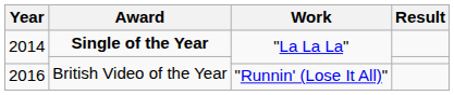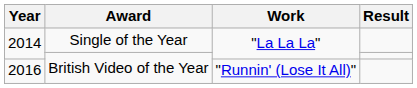 <table class="wikitable plainrowheaders" style="text-align:center;">
 <tr>
 <th>Year</th>
 <th>Award</th>
 <th>Work</th>
 <th>Result</th>
 </tr>
 <tr>
 <td rowspan=2>2014</td>
-<td><strong>Single of the Year</strong></td>
+<td>Single of the Year</td>
 <td rowspan=2>"<a href='#'>La La La</a>"</td>
 <td></td>
 </tr>
 <tr>
 <td rowspan=2>British Video of the Year</td>
 <td></td>
 </tr>
 <tr>
 <td>2016</td>
 <td>"<a href='#'>Runnin' (Lose It All)</a>"</td>
 <td></td>
 </tr>
 </table>
